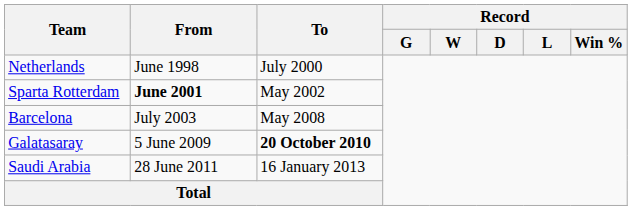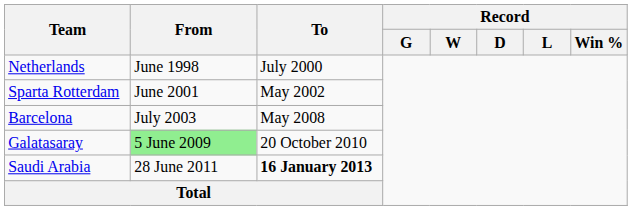 <table class="wikitable" style="text-align: center">
 <tr>
 <th rowspan="2!" style="width:120px;">Team</th>
 <th rowspan="2!" style="width:120px;">From</th>
 <th rowspan="2!" style="width:120px;">To</th>
 <th colspan=8>Record</th>
 </tr>
 <tr>
 <th width=40>G</th>
 <th width=40>W</th>
 <th width=40>D</th>
 <th width=40>L</th>
 <th width=50>Win %</th>
 </tr>
 <tr>
 <td align="left"><a href='#'>Netherlands</a></td>
 <td align="left">June 1998</td>
 <td align="left">July 2000<br></td>
 </tr>
 <tr>
 <td align="left"><a href='#'>Sparta Rotterdam</a></td>
-<td align="left"><strong>June 2001</strong></td>
+<td align="left">June 2001</td>
 <td align="left">May 2002<br></td>
 </tr>
 <tr>
 <td align="left"><a href='#'>Barcelona</a></td>
 <td align="left">July 2003</td>
 <td align="left">May 2008<br></td>
 </tr>
 <tr>
 <td align="left"><a href='#'>Galatasaray</a></td>
-<td align="left">5 June 2009</td>
-<td align="left"><strong>20 October 2010<br></strong></td>
+<td align="left" style="background: lightgreen;">5 June 2009</td>
+<td align="left">20 October 2010<br></td>
 </tr>
 <tr>
 <td align="left"><a href='#'>Saudi Arabia</a></td>
 <td align="left">28 June 2011</td>
-<td align="left">16 January 2013<br></td>
+<td align="left"><strong>16 January 2013<br></strong></td>
 </tr>
 <tr>
 <th colspan="3">Total<br></th>
 </tr>
 </table>
